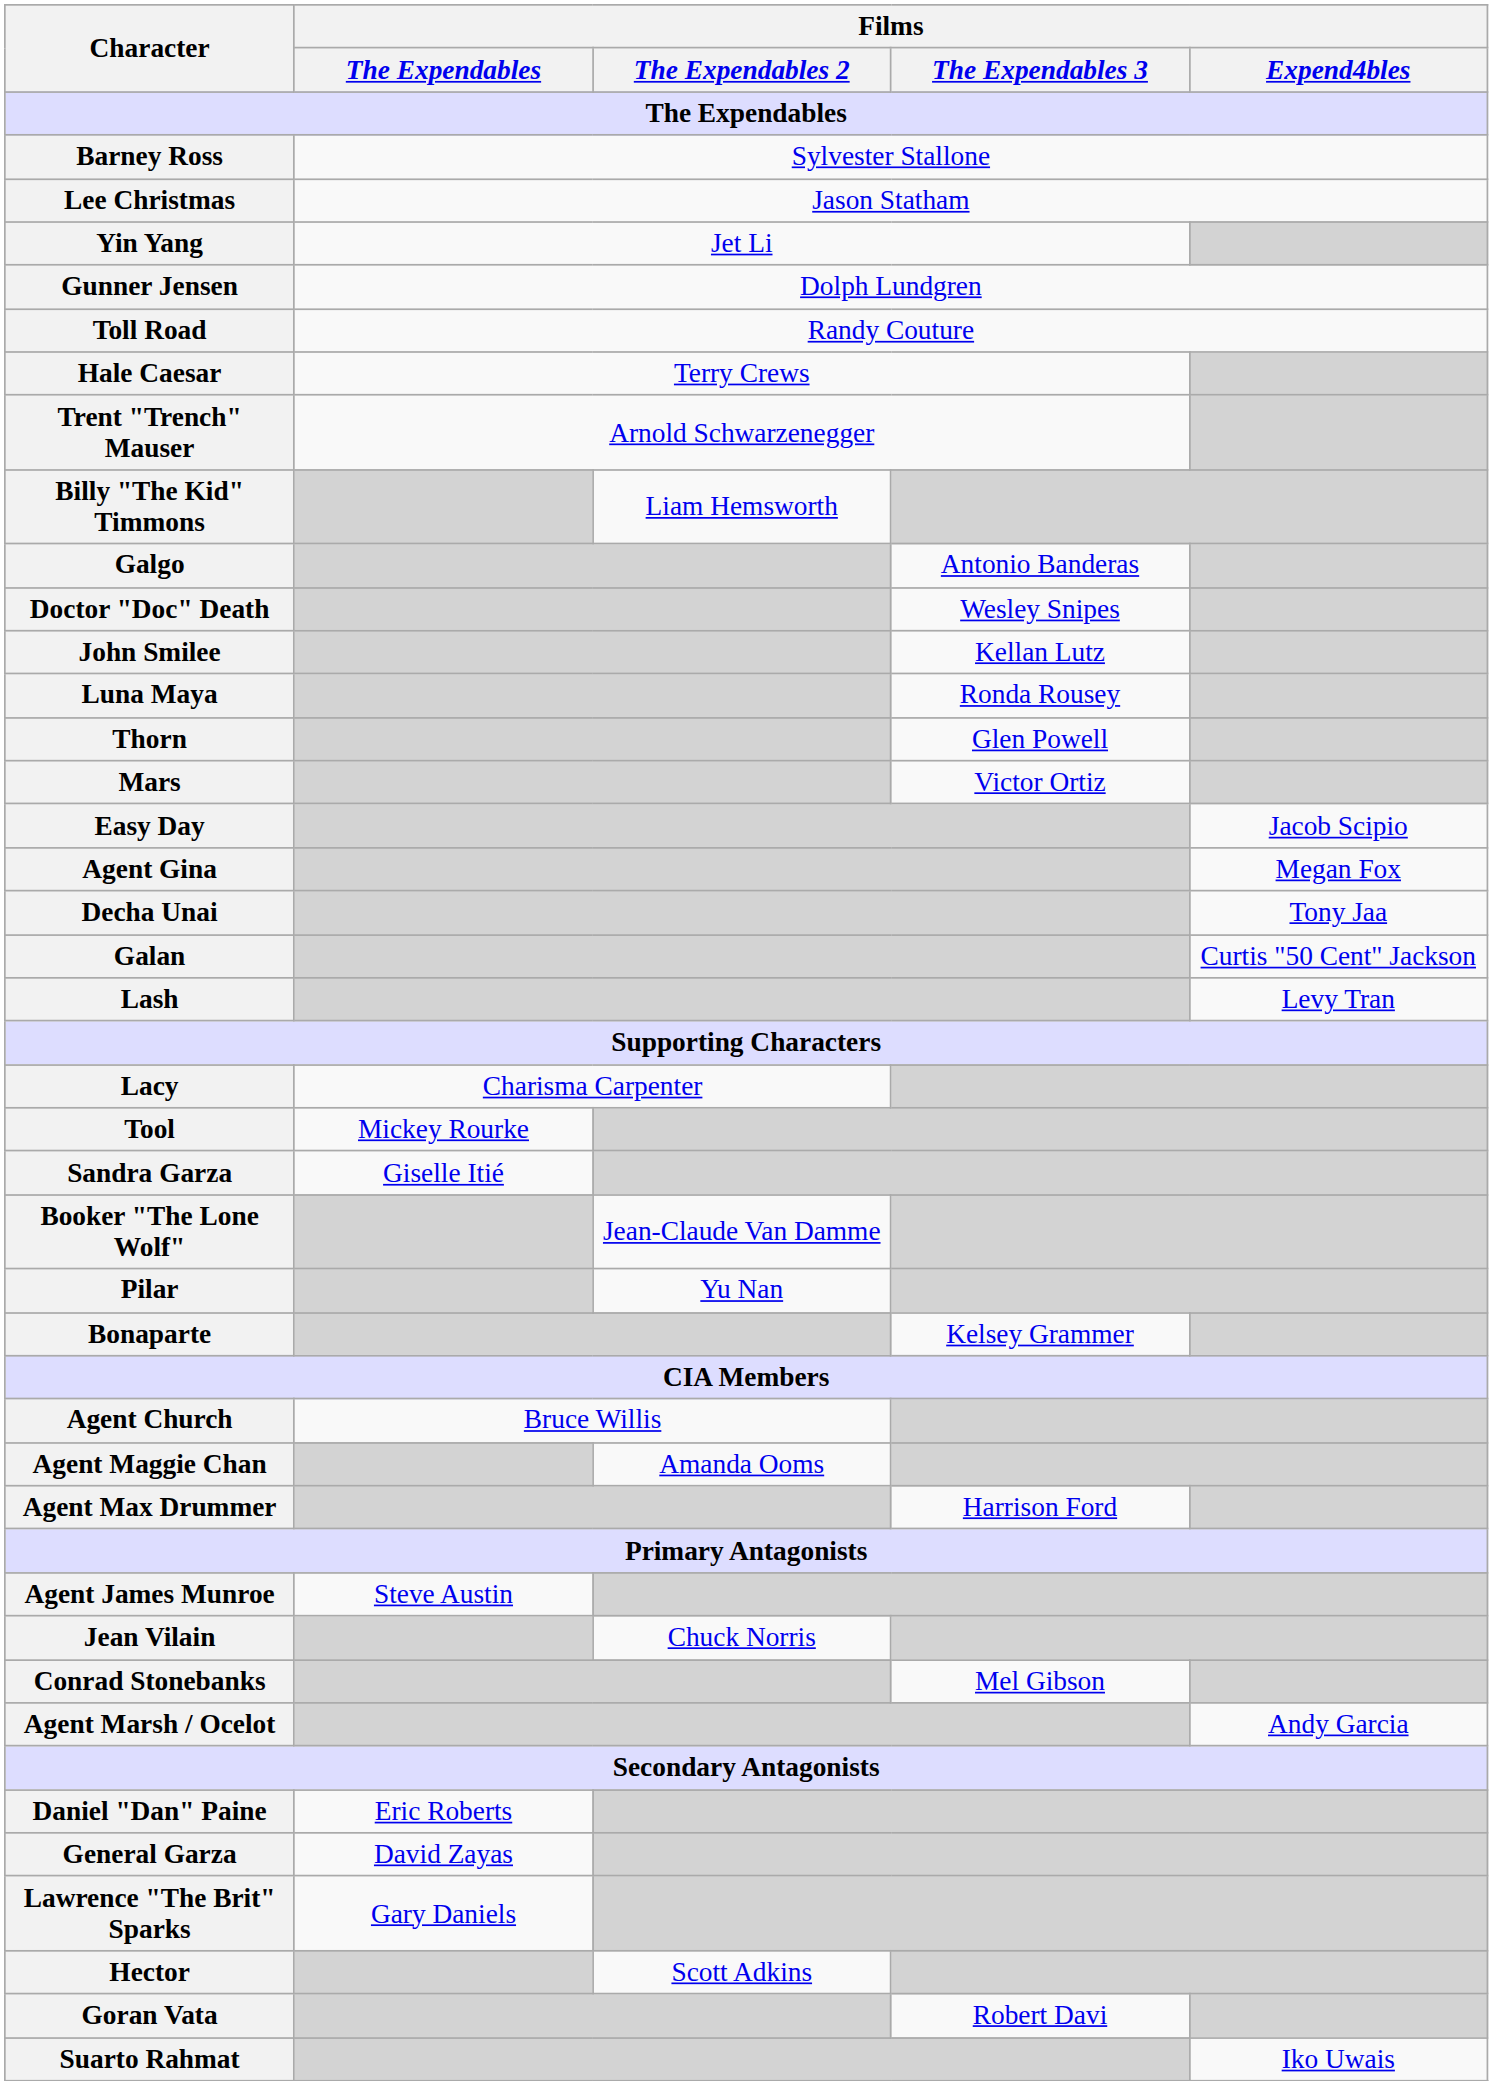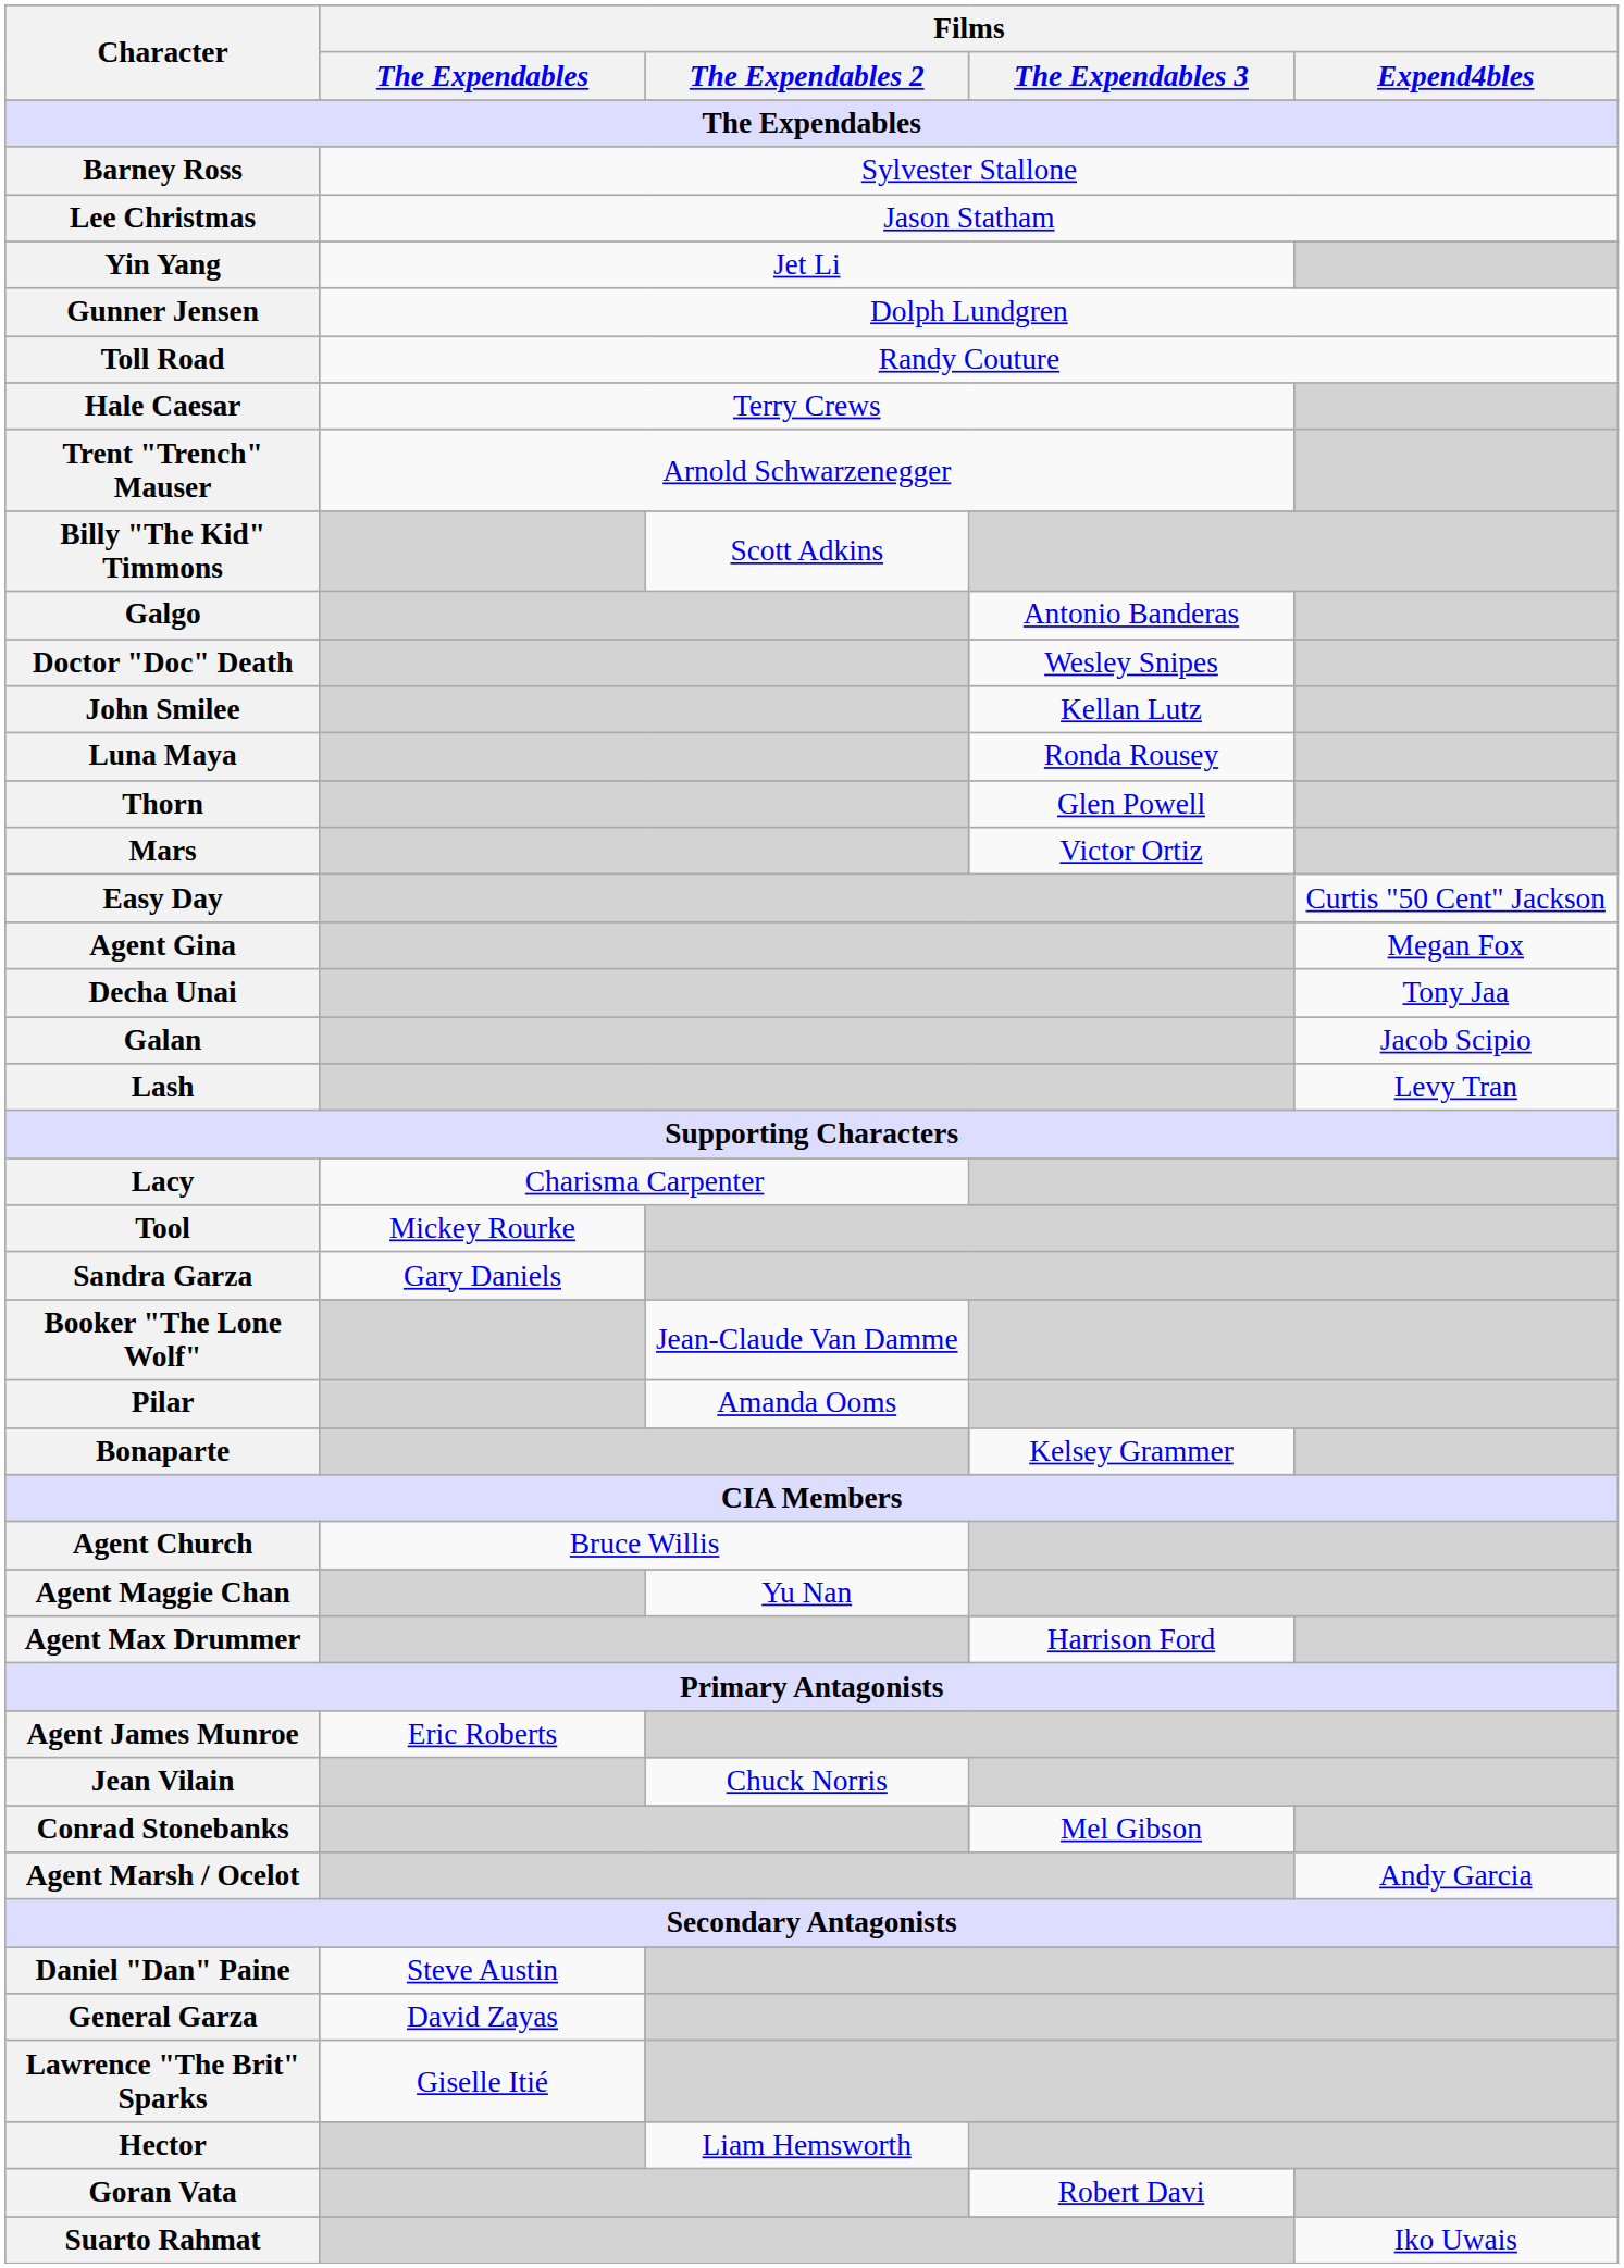 <table class="wikitable" style="text-align:center">
 <tr>
 <th rowspan="2" style="width:10%;">Character</th>
 <th colspan=4>Films</th>
 </tr>
 <tr>
 <th style="width:10%;"><em><a href='#'>The Expendables</a></em></th>
 <th style="width:10%;"><em><a href='#'>The Expendables 2</a></em></th>
 <th style="width:10%;"><em><a href='#'>The Expendables 3</a></em></th>
 <th style="width:10%;"><em><a href='#'>Expend4bles</a></em></th>
 </tr>
 <tr>
 <th colspan="10" style="background-color:#ddf;">The Expendables</th>
 </tr>
 <tr>
 <th>Barney Ross</th>
 <td colspan="4"><a href='#'>Sylvester Stallone</a></td>
 </tr>
 <tr>
 <th>Lee Christmas</th>
 <td colspan="4"><a href='#'>Jason Statham</a></td>
 </tr>
 <tr>
 <th>Yin Yang</th>
 <td colspan="3"><a href='#'>Jet Li</a></td>
 <td style="background:#d3d3d3;"></td>
 </tr>
 <tr>
 <th>Gunner Jensen</th>
 <td colspan="4"><a href='#'>Dolph Lundgren</a></td>
 </tr>
 <tr>
 <th>Toll Road</th>
 <td colspan="4"><a href='#'>Randy Couture</a></td>
 </tr>
 <tr>
 <th>Hale Caesar</th>
 <td colspan="3"><a href='#'>Terry Crews</a></td>
 <td style="background:#d3d3d3;"></td>
 </tr>
 <tr>
 <th>Trent "Trench" Mauser</th>
 <td colspan="3"><a href='#'>Arnold Schwarzenegger</a></td>
 <td style="background:#d3d3d3;"></td>
 </tr>
 <tr>
 <th>Billy "The Kid" Timmons</th>
 <td style="background:#d3d3d3;"></td>
-<td><a href='#'>Liam Hemsworth</a></td>
+<td><a href='#'>Scott Adkins</a></td>
 <td style="background:#d3d3d3;" colspan="2"></td>
 </tr>
 <tr>
 <th>Galgo</th>
 <td style="background:#d3d3d3;" colspan="2"></td>
 <td><a href='#'>Antonio Banderas</a></td>
 <td style="background:#d3d3d3;"></td>
 </tr>
 <tr>
 <th>Doctor "Doc" Death</th>
 <td style="background:#d3d3d3;" colspan="2"></td>
 <td><a href='#'>Wesley Snipes</a></td>
 <td style="background:#d3d3d3;"></td>
 </tr>
 <tr>
 <th>John Smilee</th>
 <td style="background:#d3d3d3;" colspan="2"></td>
 <td><a href='#'>Kellan Lutz</a></td>
 <td style="background:#d3d3d3;"></td>
 </tr>
 <tr>
 <th>Luna Maya</th>
 <td style="background:#d3d3d3;" colspan="2"></td>
 <td><a href='#'>Ronda Rousey</a></td>
 <td style="background:#d3d3d3;"></td>
 </tr>
 <tr>
 <th>Thorn</th>
 <td style="background:#d3d3d3;" colspan="2"></td>
 <td><a href='#'>Glen Powell</a></td>
 <td style="background:#d3d3d3;"></td>
 </tr>
 <tr>
 <th>Mars</th>
 <td style="background:#d3d3d3;" colspan="2"></td>
 <td><a href='#'>Victor Ortiz</a></td>
 <td style="background:#d3d3d3;"></td>
 </tr>
 <tr>
 <th>Easy Day</th>
 <td style="background:#d3d3d3;" colspan="3"></td>
-<td><a href='#'>Jacob Scipio</a></td>
+<td><a href='#'>Curtis "50 Cent" Jackson</a></td>
 </tr>
 <tr>
 <th>Agent Gina</th>
 <td style="background:#d3d3d3;" colspan="3"></td>
 <td><a href='#'>Megan Fox</a></td>
 </tr>
 <tr>
 <th>Decha Unai</th>
 <td style="background:#d3d3d3;" colspan="3"></td>
 <td><a href='#'>Tony Jaa</a></td>
 </tr>
 <tr>
 <th>Galan</th>
 <td style="background:#d3d3d3;" colspan="3"></td>
-<td><a href='#'>Curtis "50 Cent" Jackson</a></td>
+<td><a href='#'>Jacob Scipio</a></td>
 </tr>
 <tr>
 <th>Lash</th>
 <td style="background:#d3d3d3;" colspan="3"></td>
 <td><a href='#'>Levy Tran</a></td>
 </tr>
 <tr>
 <th colspan="10" style="background-color:#ddf;">Supporting Characters</th>
 </tr>
 <tr>
 <th>Lacy</th>
 <td colspan="2"><a href='#'>Charisma Carpenter</a></td>
 <td style="background:#d3d3d3;" colspan="2"></td>
 </tr>
 <tr>
 <th>Tool</th>
 <td><a href='#'>Mickey Rourke</a></td>
 <td style="background:#d3d3d3;" colspan="3"></td>
 </tr>
 <tr>
 <th>Sandra Garza</th>
-<td><a href='#'>Giselle Itié</a></td>
+<td><a href='#'>Gary Daniels</a></td>
 <td style="background:#d3d3d3;" colspan="3"></td>
 </tr>
 <tr>
 <th>Booker "The Lone Wolf"</th>
 <td style="background:#d3d3d3;"></td>
 <td><a href='#'>Jean-Claude Van Damme</a></td>
 <td style="background:#d3d3d3;" colspan="2"></td>
 </tr>
 <tr>
 <th>Pilar</th>
 <td style="background:#d3d3d3;"></td>
-<td><a href='#'>Yu Nan</a></td>
+<td><a href='#'>Amanda Ooms</a></td>
 <td style="background:#d3d3d3;" colspan="2"></td>
 </tr>
 <tr>
 <th>Bonaparte</th>
 <td style="background:#d3d3d3;" colspan="2"></td>
 <td><a href='#'>Kelsey Grammer</a></td>
 <td style="background:#d3d3d3;"></td>
 </tr>
 <tr>
 <th colspan="10" style="background-color:#ddf;">CIA Members</th>
 </tr>
 <tr>
 <th>Agent Church</th>
 <td colspan="2"><a href='#'>Bruce Willis</a></td>
 <td style="background:#d3d3d3;" colspan="2"></td>
 </tr>
 <tr>
 <th>Agent Maggie Chan</th>
 <td style="background:#d3d3d3;"></td>
-<td><a href='#'>Amanda Ooms</a></td>
+<td><a href='#'>Yu Nan</a></td>
 <td style="background:#d3d3d3;" colspan="2"></td>
 </tr>
 <tr>
 <th>Agent Max Drummer</th>
 <td style="background:#d3d3d3;" colspan="2"></td>
 <td><a href='#'>Harrison Ford</a></td>
 <td style="background:#d3d3d3;"></td>
 </tr>
 <tr>
 <th colspan="10" style="background-color:#ddf;">Primary Antagonists</th>
 </tr>
 <tr>
 <th>Agent James Munroe</th>
-<td><a href='#'>Steve Austin</a></td>
+<td><a href='#'>Eric Roberts</a></td>
 <td style="background:#d3d3d3;" colspan="3"></td>
 </tr>
 <tr>
 <th>Jean Vilain</th>
 <td style="background:#d3d3d3;"></td>
 <td><a href='#'>Chuck Norris</a></td>
 <td style="background:#d3d3d3;" colspan="2"></td>
 </tr>
 <tr>
 <th>Conrad Stonebanks</th>
 <td style="background:#d3d3d3;" colspan="2"></td>
 <td><a href='#'>Mel Gibson</a></td>
 <td style="background:#d3d3d3;"></td>
 </tr>
 <tr>
 <th>Agent Marsh / Ocelot</th>
 <td style="background:#d3d3d3;" colspan="3"></td>
 <td><a href='#'>Andy Garcia</a></td>
 </tr>
 <tr>
 <th colspan="10" style="background-color:#ddf;">Secondary Antagonists</th>
 </tr>
 <tr>
 <th>Daniel "Dan" Paine</th>
-<td><a href='#'>Eric Roberts</a></td>
+<td><a href='#'>Steve Austin</a></td>
 <td style="background:#d3d3d3;" colspan="3"></td>
 </tr>
 <tr>
 <th>General Garza</th>
 <td><a href='#'>David Zayas</a></td>
 <td style="background:#d3d3d3;" colspan="3"></td>
 </tr>
 <tr>
 <th>Lawrence "The Brit" Sparks</th>
-<td><a href='#'>Gary Daniels</a></td>
+<td><a href='#'>Giselle Itié</a></td>
 <td style="background:#d3d3d3;" colspan="3"></td>
 </tr>
 <tr>
 <th>Hector</th>
 <td style="background:#d3d3d3;"></td>
-<td><a href='#'>Scott Adkins</a></td>
+<td><a href='#'>Liam Hemsworth</a></td>
 <td style="background:#d3d3d3;" colspan="2"></td>
 </tr>
 <tr>
 <th>Goran Vata</th>
 <td style="background:#d3d3d3;" colspan="2"></td>
 <td><a href='#'>Robert Davi</a></td>
 <td style="background:#d3d3d3;"></td>
 </tr>
 <tr>
 <th>Suarto Rahmat</th>
 <td style="background:#d3d3d3;" colspan="3"></td>
 <td><a href='#'>Iko Uwais</a></td>
 </tr>
 <tr>
 </tr>
 </table>
